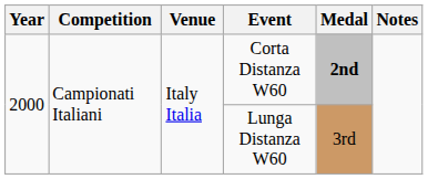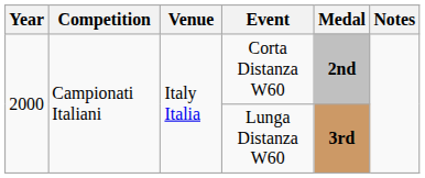 <table class="wikitable" width=55% style="font-size:90%; text-align:center;">
 <tr>
 <th>Year</th>
 <th>Competition</th>
 <th>Venue</th>
 <th>Event</th>
 <th>Medal</th>
 <th>Notes</th>
 </tr>
 <tr>
 <td align=center rowspan=2>2000</td>
 <td rowspan=2 align=left>Campionati Italiani</td>
 <td rowspan=2 align=left>Italy <a href='#'>Italia</a></td>
 <td>Corta Distanza W60</td>
 <td bgcolor=silver><strong>2nd</strong></td>
 </tr>
 <tr>
 <td>Lunga Distanza W60</td>
-<td bgcolor=cc9966>3rd</td>
+<td bgcolor=cc9966><strong>3rd</strong></td>
 </tr>
 </table>
